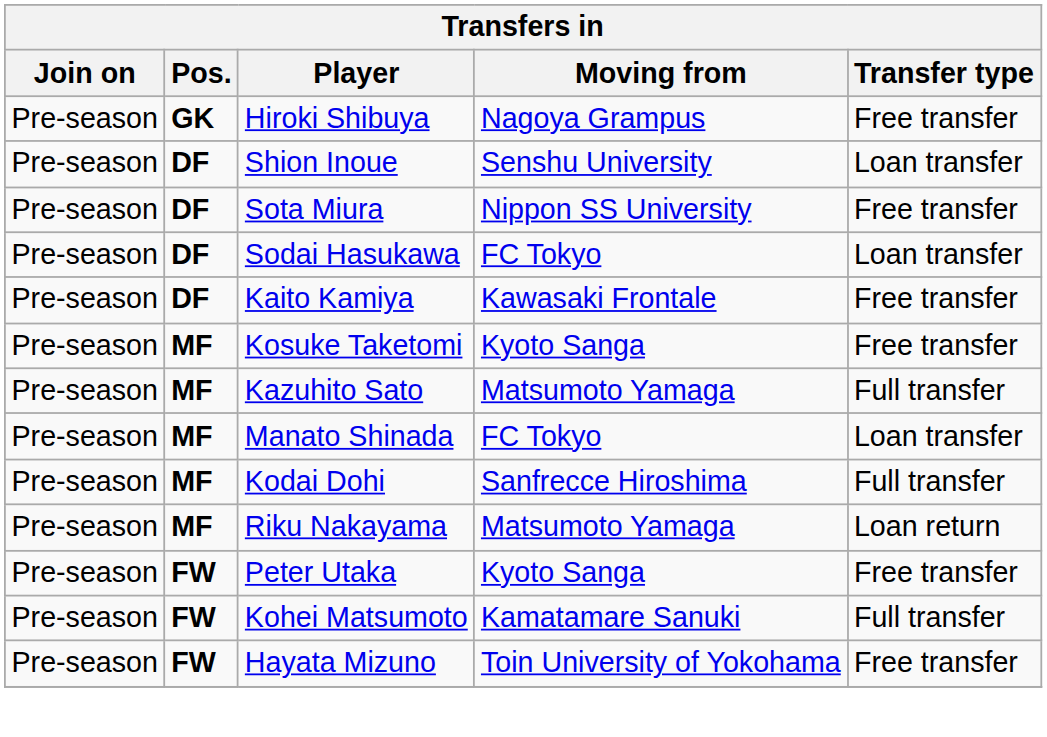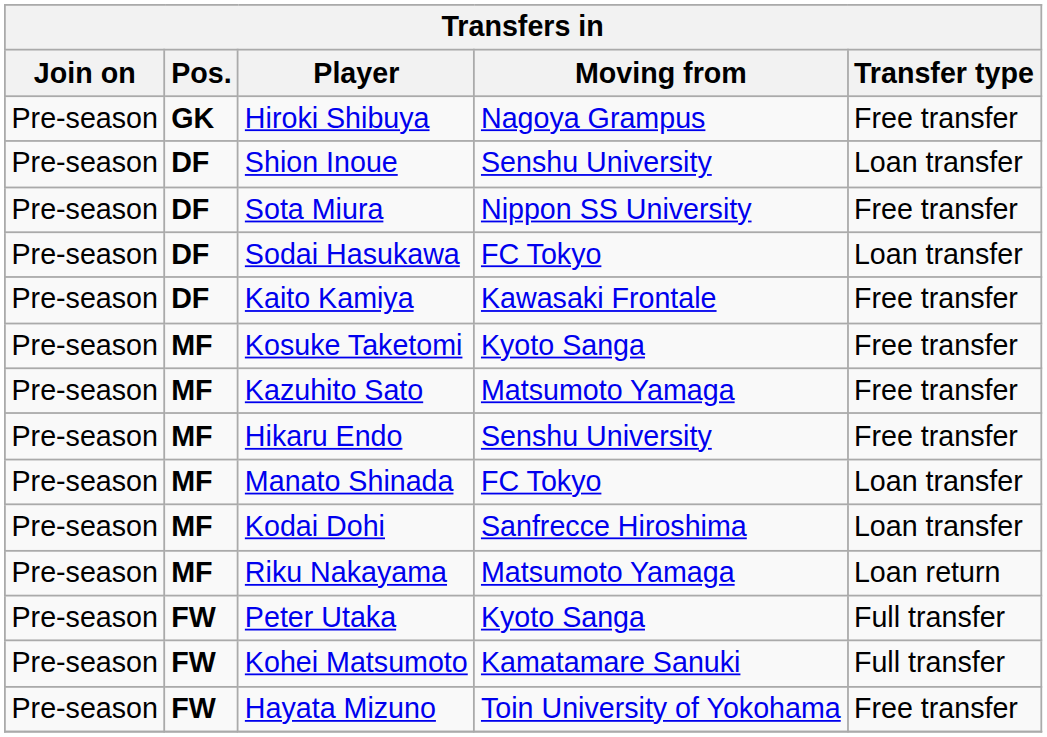 <table class="wikitable sortable" style=“text-align:left;>
 <tr>
 <th colspan="5">Transfers in</th>
 </tr>
 <tr>
 <th>Join on</th>
 <th>Pos.</th>
 <th>Player</th>
 <th>Moving from</th>
 <th>Transfer type</th>
 </tr>
 <tr>
 <td>Pre-season</td>
 <td><strong>GK</strong></td>
 <td> <a href='#'>Hiroki Shibuya</a></td>
 <td> <a href='#'>Nagoya Grampus</a></td>
 <td>Free transfer</td>
 </tr>
 <tr>
 <td>Pre-season</td>
 <td><strong>DF</strong></td>
 <td> <a href='#'>Shion Inoue</a></td>
 <td> <a href='#'>Senshu University</a></td>
 <td>Loan transfer</td>
 </tr>
 <tr>
 <td>Pre-season</td>
 <td><strong>DF</strong></td>
 <td> <a href='#'>Sota Miura</a></td>
 <td> <a href='#'>Nippon SS University</a></td>
 <td>Free transfer</td>
 </tr>
 <tr>
 <td>Pre-season</td>
 <td><strong>DF</strong></td>
 <td> <a href='#'>Sodai Hasukawa</a></td>
 <td> <a href='#'>FC Tokyo</a></td>
 <td>Loan transfer</td>
 </tr>
 <tr>
 <td>Pre-season</td>
 <td><strong>DF</strong></td>
 <td> <a href='#'>Kaito Kamiya</a></td>
 <td> <a href='#'>Kawasaki Frontale</a></td>
 <td>Free transfer</td>
 </tr>
 <tr>
 <td>Pre-season</td>
 <td><strong>MF</strong></td>
 <td> <a href='#'>Kosuke Taketomi</a></td>
 <td> <a href='#'>Kyoto Sanga</a></td>
 <td>Free transfer</td>
 </tr>
 <tr>
 <td>Pre-season</td>
 <td><strong>MF</strong></td>
 <td> <a href='#'>Kazuhito Sato</a></td>
 <td> <a href='#'>Matsumoto Yamaga</a></td>
-<td>Full transfer</td>
+<td>Free transfer</td>
+</tr>
+<tr>
+<td>Pre-season</td>
+<td><strong>MF</strong></td>
+<td> <a href='#'>Hikaru Endo</a></td>
+<td> <a href='#'>Senshu University</a></td>
+<td>Free transfer</td>
 </tr>
 <tr>
 <td>Pre-season</td>
 <td><strong>MF</strong></td>
 <td> <a href='#'>Manato Shinada</a></td>
 <td> <a href='#'>FC Tokyo</a></td>
 <td>Loan transfer</td>
 </tr>
 <tr>
 <td>Pre-season</td>
 <td><strong>MF</strong></td>
 <td> <a href='#'>Kodai Dohi</a></td>
 <td> <a href='#'>Sanfrecce Hiroshima</a></td>
-<td>Full transfer</td>
+<td>Loan transfer</td>
 </tr>
 <tr>
 <td>Pre-season</td>
 <td><strong>MF</strong></td>
 <td> <a href='#'>Riku Nakayama</a></td>
 <td> <a href='#'>Matsumoto Yamaga</a></td>
 <td>Loan return</td>
 </tr>
 <tr>
 <td>Pre-season</td>
 <td><strong>FW</strong></td>
 <td> <a href='#'>Peter Utaka</a></td>
 <td> <a href='#'>Kyoto Sanga</a></td>
-<td>Free transfer</td>
+<td>Full transfer</td>
 </tr>
 <tr>
 <td>Pre-season</td>
 <td><strong>FW</strong></td>
 <td> <a href='#'>Kohei Matsumoto</a></td>
 <td> <a href='#'>Kamatamare Sanuki</a></td>
 <td>Full transfer</td>
 </tr>
 <tr>
 <td>Pre-season</td>
 <td><strong>FW</strong></td>
 <td> <a href='#'>Hayata Mizuno</a></td>
 <td> <a href='#'>Toin University of Yokohama</a></td>
 <td>Free transfer</td>
 </tr>
 <tr>
 </tr>
 </table>
